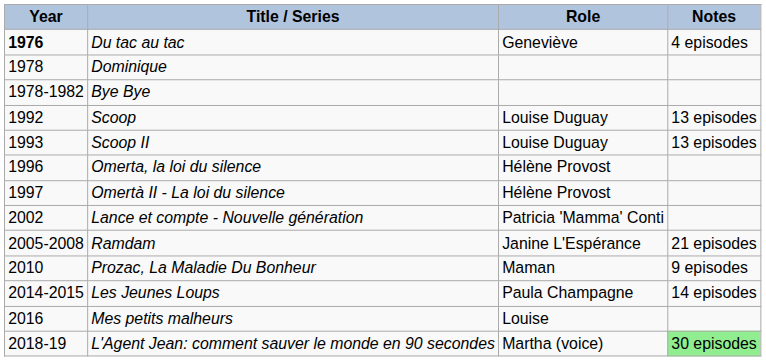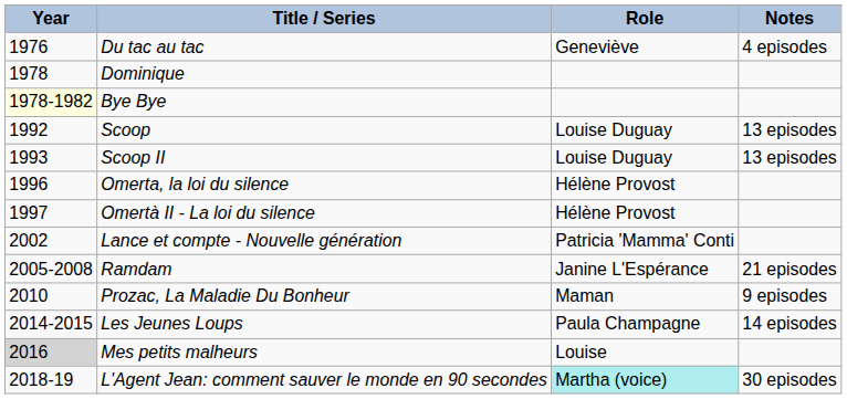 <table class="wikitable">
 <tr>
 <th style="background:#B0C4DE;">Year</th>
 <th style="background:#B0C4DE;">Title / Series</th>
 <th style="background:#B0C4DE;">Role</th>
 <th style="background:#B0C4DE;" colspan="2">Notes</th>
 </tr>
 <tr>
-<td><strong>1976</strong></td>
+<td>1976</td>
 <td><em>Du tac au tac</em></td>
 <td>Geneviève</td>
 <td>4 episodes</td>
 </tr>
 <tr>
 <td>1978</td>
 <td><em>Dominique</em></td>
 <td></td>
 <td></td>
 </tr>
 <tr>
-<td>1978-1982</td>
+<td style="background: lightyellow;">1978-1982</td>
 <td><em>Bye Bye</em></td>
 <td></td>
 <td></td>
 </tr>
 <tr>
 <td>1992</td>
 <td><em>Scoop</em></td>
 <td>Louise Duguay</td>
 <td>13 episodes</td>
 </tr>
 <tr>
 <td>1993</td>
 <td><em>Scoop II</em></td>
 <td>Louise Duguay</td>
 <td>13 episodes</td>
 </tr>
 <tr>
 <td>1996</td>
 <td><em>Omerta, la loi du silence</em></td>
 <td>Hélène Provost</td>
 <td></td>
 </tr>
 <tr>
 <td>1997</td>
 <td><em>Omertà II - La loi du silence</em></td>
 <td>Hélène Provost</td>
 <td></td>
 </tr>
 <tr>
 <td>2002</td>
 <td><em>Lance et compte - Nouvelle génération</em></td>
 <td>Patricia 'Mamma' Conti</td>
 <td></td>
 </tr>
 <tr>
 <td>2005-2008</td>
 <td><em>Ramdam</em></td>
 <td>Janine L'Espérance</td>
 <td>21 episodes</td>
 </tr>
 <tr>
 <td>2010</td>
 <td><em>Prozac, La Maladie Du Bonheur</em></td>
 <td>Maman</td>
 <td>9 episodes</td>
 </tr>
 <tr>
 <td>2014-2015</td>
 <td><em>Les Jeunes Loups</em></td>
 <td>Paula Champagne</td>
 <td>14 episodes</td>
 </tr>
 <tr>
-<td>2016</td>
+<td style="background: lightgrey;">2016</td>
 <td><em>Mes petits malheurs</em></td>
 <td>Louise</td>
 <td></td>
 </tr>
 <tr>
 <td>2018-19</td>
 <td><em>L'Agent Jean: comment sauver le monde en 90 secondes</em></td>
-<td>Martha (voice)</td>
-<td style="background: lightgreen;">30 episodes</td>
+<td style="background: paleturquoise;">Martha (voice)</td>
+<td>30 episodes</td>
 </tr>
 </table>
